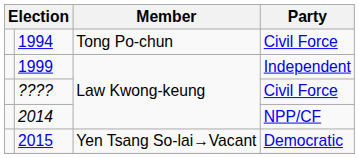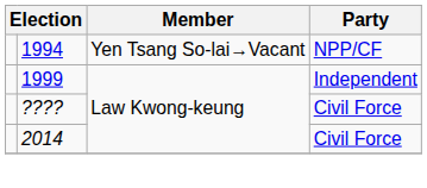 <table class="wikitable">
 <tr>
 <th colspan="2">Election</th>
 <th>Member</th>
 <th>Party</th>
 </tr>
 <tr>
 <td style="background-color: "></td>
 <td><a href='#'>1994</a></td>
-<td>Tong Po-chun</td>
-<td><a href='#'>Civil Force</a></td>
+<td>Yen Tsang So-lai→Vacant</td>
+<td><a href='#'>NPP/CF</a></td>
 </tr>
 <tr>
 <td style="background-color: "></td>
 <td><a href='#'>1999</a></td>
 <td rowspan=3>Law Kwong-keung</td>
 <td><a href='#'>Independent</a></td>
 </tr>
 <tr>
 <td style="background-color: "></td>
 <td><em>????</em></td>
 <td><a href='#'>Civil Force</a></td>
 </tr>
 <tr>
 <td style="background-color: "></td>
 <td><em>2014</em></td>
-<td><a href='#'>NPP/CF</a></td>
-</tr>
-<tr>
-<td style="background-color: "></td>
-<td><a href='#'>2015</a></td>
-<td>Yen Tsang So-lai→Vacant</td>
-<td><a href='#'>Democratic</a></td>
+<td><a href='#'>Civil Force</a></td>
 </tr>
 <tr>
 </tr>
 </table>
